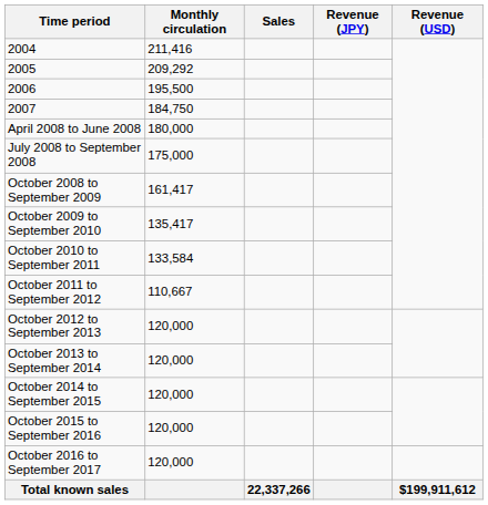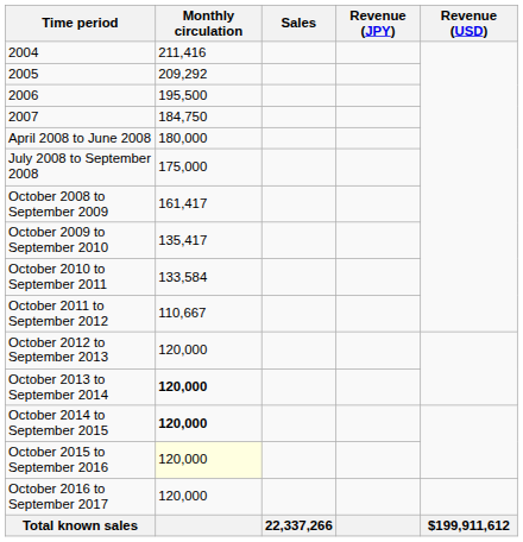 <table class="wikitable sortable">
 <tr>
 <th>Time period</th>
 <th>Monthly circulation</th>
 <th>Sales</th>
 <th>Revenue (<a href='#'>JPY</a>)</th>
 <th>Revenue (<a href='#'>USD</a>)</th>
 </tr>
 <tr>
 <td>2004</td>
 <td>211,416</td>
 <td></td>
 <td></td>
 <td rowspan="10"></td>
 </tr>
 <tr>
 <td>2005</td>
 <td>209,292</td>
 <td></td>
 <td></td>
 </tr>
 <tr>
 <td>2006</td>
 <td>195,500</td>
 <td></td>
 <td></td>
 </tr>
 <tr>
 <td>2007</td>
 <td>184,750</td>
 <td></td>
 <td></td>
 </tr>
 <tr>
 <td>April 2008 to June 2008</td>
 <td>180,000</td>
 <td></td>
 <td></td>
 </tr>
 <tr>
 <td>July 2008 to September 2008</td>
 <td>175,000</td>
 <td></td>
 <td></td>
 </tr>
 <tr>
 <td>October 2008 to September 2009</td>
 <td>161,417</td>
 <td></td>
 <td></td>
 </tr>
 <tr>
 <td>October 2009 to September 2010</td>
 <td>135,417</td>
 <td></td>
 <td></td>
 </tr>
 <tr>
 <td>October 2010 to September 2011</td>
 <td>133,584</td>
 <td></td>
 <td></td>
 </tr>
 <tr>
 <td>October 2011 to September 2012</td>
 <td>110,667</td>
 <td></td>
 <td></td>
 </tr>
 <tr>
 <td>October 2012 to September 2013</td>
 <td>120,000</td>
 <td></td>
 <td></td>
 <td rowspan="2"></td>
 </tr>
 <tr>
 <td>October 2013 to September 2014</td>
-<td>120,000</td>
+<td><strong>120,000</strong></td>
 <td></td>
 <td></td>
 </tr>
 <tr>
 <td>October 2014 to September 2015</td>
-<td>120,000</td>
+<td><strong>120,000</strong></td>
 <td></td>
 <td></td>
 <td rowspan="2"></td>
 </tr>
 <tr>
 <td>October 2015 to September 2016</td>
-<td>120,000</td>
+<td style="background: lightyellow;">120,000</td>
 <td></td>
 <td></td>
 </tr>
 <tr>
 <td>October 2016 to September 2017</td>
 <td>120,000</td>
 <td></td>
 <td></td>
 <td></td>
 </tr>
 <tr>
 <th>Total known sales</th>
 <th></th>
 <th>22,337,266</th>
 <th></th>
 <th>$199,911,612</th>
 </tr>
 </table>
